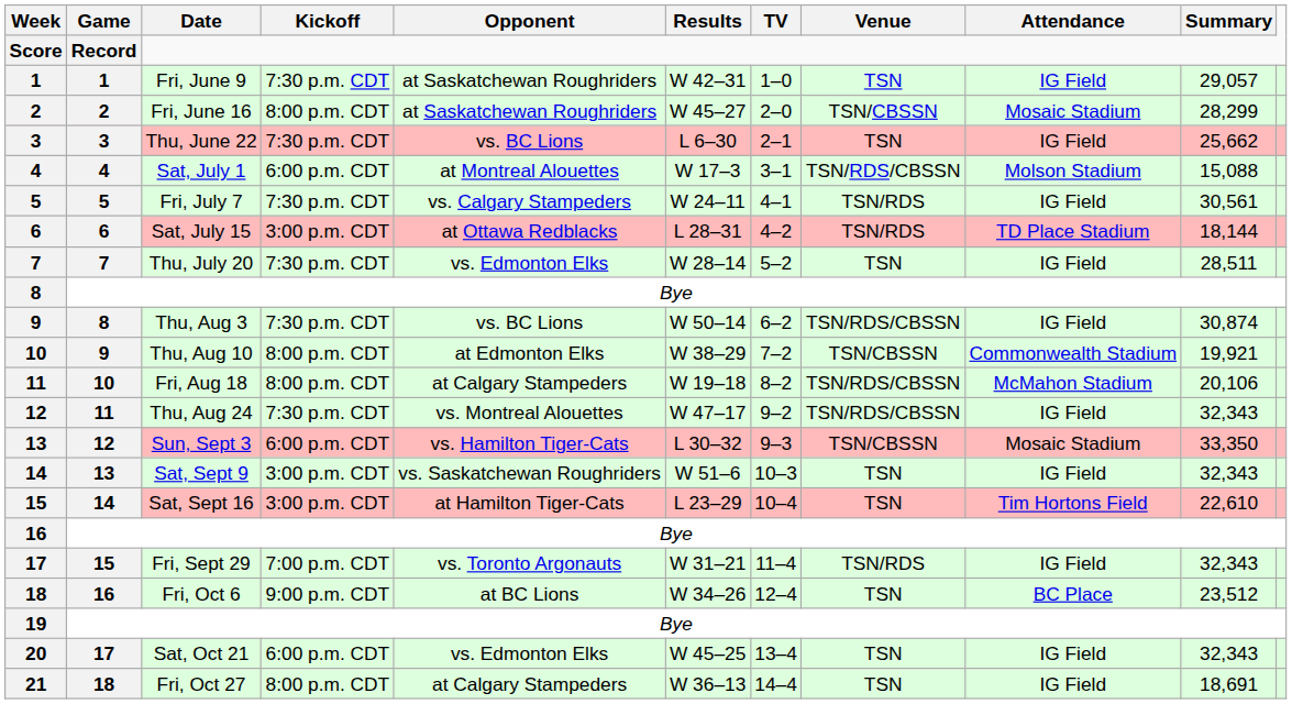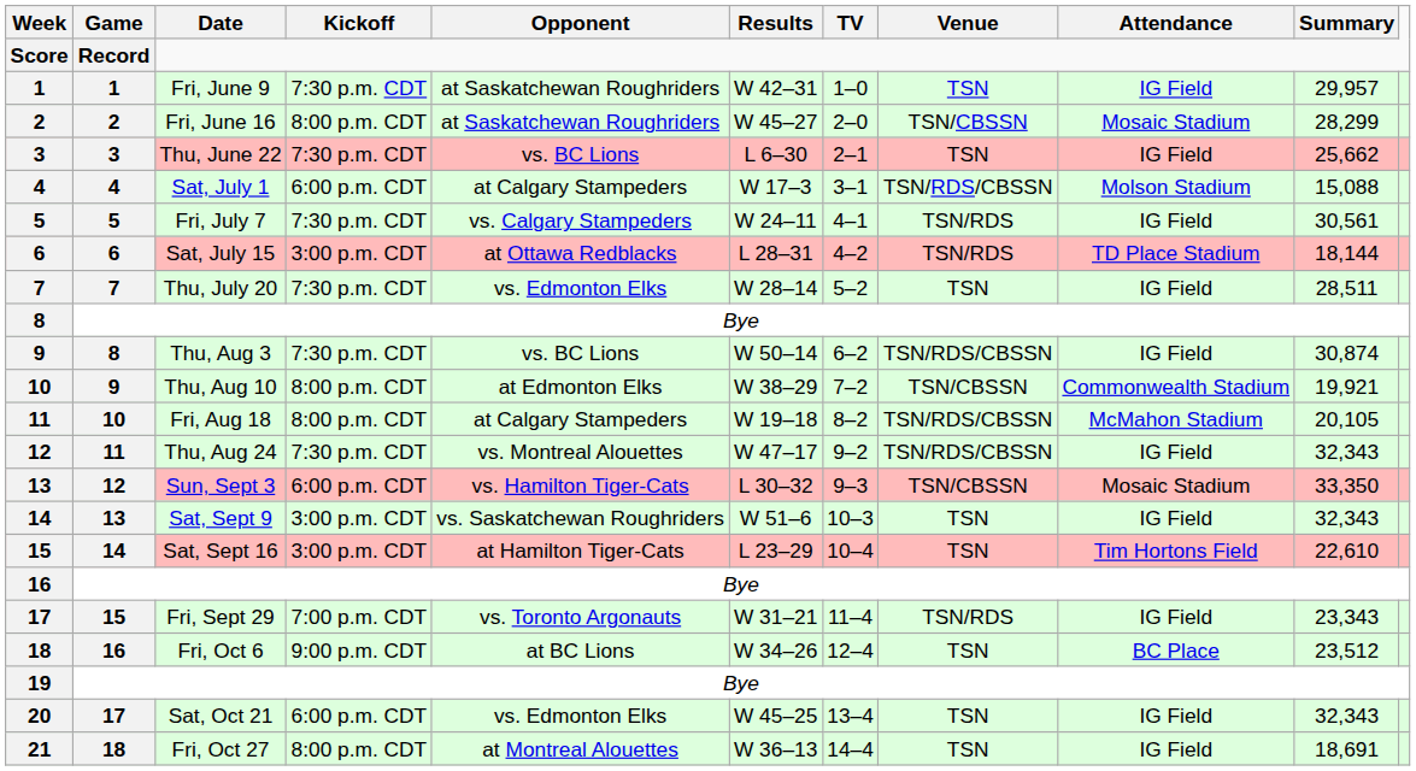 <table class="wikitable" style="font-size: 95%;">
 <tr>
 <th scope="col">Week</th>
 <th scope="col">Game</th>
 <th scope="col">Date</th>
 <th scope="col">Kickoff</th>
 <th scope="col">Opponent</th>
 <th scope="col">Results</th>
 <th scope="col">TV</th>
 <th scope="col">Venue</th>
 <th scope="col">Attendance</th>
 <th scope="col">Summary</th>
 </tr>
 <tr>
 <th scope="col">Score</th>
 <th scope="col">Record</th>
 </tr>
 <tr align="center" bgcolor="ddffdd">
 <th align="center"><strong>1</strong></th>
 <th align="center"><strong>1</strong></th>
 <td align="center">Fri, June 9</td>
 <td align="center">7:30 p.m. <a href='#'>CDT</a></td>
 <td align="center">at Saskatchewan Roughriders</td>
 <td align="center">W 42–31</td>
 <td align="center">1–0</td>
 <td align="center"><a href='#'>TSN</a></td>
 <td align="center"><a href='#'>IG Field</a></td>
-<td align="center">29,057</td>
+<td align="center">29,957</td>
 <td align="center"></td>
 </tr>
 <tr align="center"= bgcolor="ddffdd">
 <th align="center"><strong>2</strong></th>
 <th align="center"><strong>2</strong></th>
 <td align="center">Fri, June 16</td>
 <td align="center">8:00 p.m. CDT</td>
 <td align="center">at <a href='#'>Saskatchewan Roughriders</a></td>
 <td align="center">W 45–27</td>
 <td align="center">2–0</td>
 <td align="center">TSN/<a href='#'>CBSSN</a></td>
 <td align="center"><a href='#'>Mosaic Stadium</a></td>
 <td align="center">28,299</td>
 <td align="center"></td>
 </tr>
 <tr align="center"= bgcolor="ffbbbb">
 <th align="center"><strong>3</strong></th>
 <th align="center"><strong>3</strong></th>
 <td align="center">Thu, June 22</td>
 <td align="center">7:30 p.m. CDT</td>
 <td align="center">vs. <a href='#'>BC Lions</a></td>
 <td align="center">L 6–30</td>
 <td align="center">2–1</td>
 <td align="center">TSN</td>
 <td align="center">IG Field</td>
 <td align="center">25,662</td>
 <td align="center"></td>
 </tr>
 <tr align="center"= bgcolor="ddffdd">
 <th align="center"><strong>4</strong></th>
 <th align="center"><strong>4</strong></th>
 <td align="center"><a href='#'>Sat, July 1</a></td>
 <td align="center">6:00 p.m. CDT</td>
-<td align="center">at <a href='#'>Montreal Alouettes</a></td>
+<td align="center">at Calgary Stampeders</td>
 <td align="center">W 17–3</td>
 <td align="center">3–1</td>
 <td align="center">TSN/<a href='#'>RDS</a>/CBSSN</td>
 <td align="center"><a href='#'>Molson Stadium</a></td>
 <td align="center">15,088</td>
 <td align="center"></td>
 </tr>
 <tr align="center"= bgcolor="ddffdd">
 <th align="center"><strong>5</strong></th>
 <th align="center"><strong>5</strong></th>
 <td align="center">Fri, July 7</td>
 <td align="center">7:30 p.m. CDT</td>
 <td align="center">vs. <a href='#'>Calgary Stampeders</a></td>
 <td align="center">W 24–11</td>
 <td align="center">4–1</td>
 <td align="center">TSN/RDS</td>
 <td align="center">IG Field</td>
 <td align="center">30,561</td>
 <td align="center"></td>
 </tr>
 <tr align="center"= bgcolor="ffbbbb">
 <th align="center"><strong>6</strong></th>
 <th align="center"><strong>6</strong></th>
 <td align="center">Sat, July 15</td>
 <td align="center">3:00 p.m. CDT</td>
 <td align="center">at <a href='#'>Ottawa Redblacks</a></td>
 <td align="center">L 28–31 </td>
 <td align="center">4–2</td>
 <td align="center">TSN/RDS</td>
 <td align="center"><a href='#'>TD Place Stadium</a></td>
 <td align="center">18,144</td>
 <td align="center"></td>
 </tr>
 <tr align="center"= bgcolor="ddffdd">
 <th align="center"><strong>7</strong></th>
 <th align="center"><strong>7</strong></th>
 <td align="center">Thu, July 20</td>
 <td align="center">7:30 p.m. CDT</td>
 <td align="center">vs. <a href='#'>Edmonton Elks</a></td>
 <td align="center">W 28–14</td>
 <td align="center">5–2</td>
 <td align="center">TSN</td>
 <td align="center">IG Field</td>
 <td align="center">28,511</td>
 <td align="center"></td>
 </tr>
 <tr align="center"= bgcolor="ffffff">
 <th align="center"><strong>8</strong></th>
 <td colspan=10 align="center" valign="middle"><em>Bye</em></td>
 </tr>
 <tr align="center"= bgcolor="ddffdd">
 <th align="center"><strong>9</strong></th>
 <th align="center"><strong>8</strong></th>
 <td align="center">Thu, Aug 3</td>
 <td align="center">7:30 p.m. CDT</td>
 <td align="center">vs. BC Lions</td>
 <td align="center">W 50–14</td>
 <td align="center">6–2</td>
 <td align="center">TSN/RDS/CBSSN</td>
 <td align="center">IG Field</td>
 <td align="center">30,874</td>
 <td align="center"></td>
 </tr>
 <tr align="center"= bgcolor="ddffdd">
 <th align="center"><strong>10</strong></th>
 <th align="center"><strong>9</strong></th>
 <td align="center">Thu, Aug 10</td>
 <td align="center">8:00 p.m. CDT</td>
 <td align="center">at Edmonton Elks</td>
 <td align="center">W 38–29</td>
 <td align="center">7–2</td>
 <td align="center">TSN/CBSSN</td>
 <td align="center"><a href='#'>Commonwealth Stadium</a></td>
 <td align="center">19,921</td>
 <td align="center"></td>
 </tr>
 <tr align="center"= bgcolor="ddffdd">
 <th align="center"><strong>11</strong></th>
 <th align="center"><strong>10</strong></th>
 <td align="center">Fri, Aug 18</td>
 <td align="center">8:00 p.m. CDT</td>
 <td align="center">at Calgary Stampeders</td>
 <td align="center">W 19–18</td>
 <td align="center">8–2</td>
 <td align="center">TSN/RDS/CBSSN</td>
 <td align="center"><a href='#'>McMahon Stadium</a></td>
-<td align="center">20,106</td>
+<td align="center">20,105</td>
 <td align="center"></td>
 </tr>
 <tr align="center"= bgcolor="ddffdd">
 <th align="center"><strong>12</strong></th>
 <th align="center"><strong>11</strong></th>
 <td align="center">Thu, Aug 24</td>
 <td align="center">7:30 p.m. CDT</td>
 <td align="center">vs. Montreal Alouettes</td>
 <td align="center">W 47–17</td>
 <td align="center">9–2</td>
 <td align="center">TSN/RDS/CBSSN</td>
 <td align="center">IG Field</td>
 <td align="center">32,343</td>
 <td align="center"></td>
 </tr>
 <tr align="center"= bgcolor="ffbbbb">
 <th align="center"><strong>13</strong></th>
 <th align="center"><strong>12</strong></th>
 <td align="center"><a href='#'>Sun, Sept 3</a></td>
 <td align="center">6:00 p.m. CDT</td>
 <td align="center">vs. <a href='#'>Hamilton Tiger-Cats</a></td>
 <td align="center">L 30–32 </td>
 <td align="center">9–3</td>
 <td align="center">TSN/CBSSN</td>
 <td align="center">Mosaic Stadium</td>
 <td align="center">33,350</td>
 <td align="center"></td>
 </tr>
 <tr align="center"= bgcolor="ddffdd">
 <th align="center"><strong>14</strong></th>
 <th align="center"><strong>13</strong></th>
 <td align="center"><a href='#'>Sat, Sept 9</a></td>
 <td align="center">3:00 p.m. CDT</td>
 <td align="center">vs. Saskatchewan Roughriders</td>
 <td align="center">W 51–6</td>
 <td align="center">10–3</td>
 <td align="center">TSN</td>
 <td align="center">IG Field</td>
 <td align="center">32,343</td>
 <td align="center"></td>
 </tr>
 <tr align="center"= bgcolor="ffbbbb">
 <th align="center"><strong>15</strong></th>
 <th align="center"><strong>14</strong></th>
 <td align="center">Sat, Sept 16</td>
 <td align="center">3:00 p.m. CDT</td>
 <td align="center">at Hamilton Tiger-Cats</td>
 <td align="center">L 23–29</td>
 <td align="center">10–4</td>
 <td align="center">TSN</td>
 <td align="center"><a href='#'>Tim Hortons Field</a></td>
 <td align="center">22,610</td>
 <td align="center"></td>
 </tr>
 <tr align="center"= bgcolor="ffffff">
 <th align="center"><strong>16</strong></th>
 <td colspan=10 align="center" valign="middle"><em>Bye</em></td>
 </tr>
 <tr align="center"= bgcolor="ddffdd">
 <th align="center"><strong>17</strong></th>
 <th align="center"><strong>15</strong></th>
 <td align="center">Fri, Sept 29</td>
 <td align="center">7:00 p.m. CDT</td>
 <td align="center">vs. <a href='#'>Toronto Argonauts</a></td>
 <td align="center">W 31–21</td>
 <td align="center">11–4</td>
 <td align="center">TSN/RDS</td>
 <td align="center">IG Field</td>
-<td align="center">32,343</td>
+<td align="center">23,343</td>
 <td align="center"></td>
 </tr>
 <tr align="center"= bgcolor="ddffdd">
 <th align="center"><strong>18</strong></th>
 <th align="center"><strong>16</strong></th>
 <td align="center">Fri, Oct 6</td>
 <td align="center">9:00 p.m. CDT</td>
 <td align="center">at BC Lions</td>
 <td align="center">W 34–26 </td>
 <td align="center">12–4</td>
 <td align="center">TSN</td>
 <td align="center"><a href='#'>BC Place</a></td>
 <td align="center">23,512</td>
 <td align="center"></td>
 </tr>
 <tr align="center"= bgcolor="ffffff">
 <th align="center"><strong>19</strong></th>
 <td colspan=10 align="center" valign="middle"><em>Bye</em></td>
 </tr>
 <tr align="center"= bgcolor="ddffdd">
 <th align="center"><strong>20</strong></th>
 <th align="center"><strong>17</strong></th>
 <td align="center">Sat, Oct 21</td>
 <td align="center">6:00 p.m. CDT</td>
 <td align="center">vs. Edmonton Elks</td>
 <td align="center">W 45–25</td>
 <td align="center">13–4</td>
 <td align="center">TSN</td>
 <td align="center">IG Field</td>
 <td align="center">32,343</td>
 <td align="center"></td>
 </tr>
 <tr align="center"= bgcolor="ddffdd">
 <th align="center"><strong>21</strong></th>
 <th align="center"><strong>18</strong></th>
 <td align="center">Fri, Oct 27</td>
 <td align="center">8:00 p.m. CDT</td>
-<td align="center">at Calgary Stampeders</td>
+<td align="center">at <a href='#'>Montreal Alouettes</a></td>
 <td align="center">W 36–13</td>
 <td align="center">14–4</td>
 <td align="center">TSN</td>
 <td align="center">IG Field</td>
 <td align="center">18,691</td>
 <td align="center"></td>
 </tr>
 </table>
